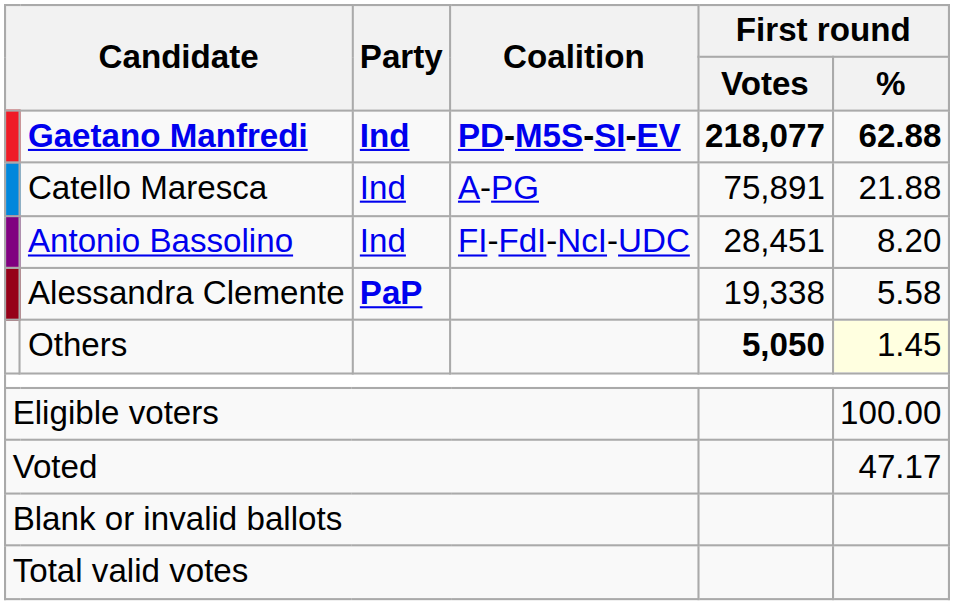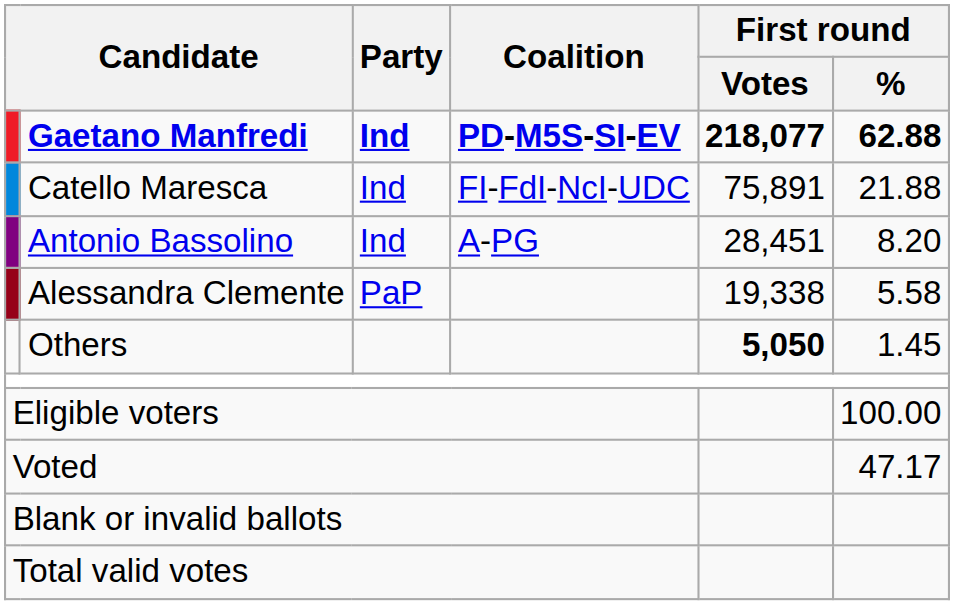 <table class="wikitable centre">
 <tr>
 <th scope="col" rowspan=2 colspan=2>Candidate</th>
 <th scope="col" rowspan=2 colspan=1>Party</th>
 <th scope="col" rowspan=2 colspan=1>Coalition</th>
 <th scope="col" colspan=2>First round</th>
 </tr>
 <tr>
 <th scope="col">Votes</th>
 <th scope="col">%</th>
 </tr>
 <tr>
 <td bgcolor="#EF1C27"></td>
 <td><strong><a href='#'>Gaetano Manfredi</a></strong></td>
 <td><strong><a href='#'>Ind</a></strong></td>
 <td><strong><a href='#'>PD</a>-<a href='#'>M5S</a>-<a href='#'>SI</a>-<a href='#'>EV</a></strong></td>
 <td style="text-align: right"><strong>218,077</strong></td>
 <td style="text-align: right"><strong>62.88</strong></td>
 </tr>
 <tr>
 <td bgcolor="#0087DC"></td>
 <td>Catello Maresca</td>
 <td><a href='#'>Ind</a></td>
-<td><a href='#'>A</a>-<a href='#'>PG</a></td>
+<td><a href='#'>FI</a>-<a href='#'>FdI</a>-<a href='#'>NcI</a>-<a href='#'>UDC</a></td>
 <td style="text-align: right">75,891</td>
 <td style="text-align: right">21.88</td>
 </tr>
 <tr>
 <td bgcolor="purple"></td>
 <td><a href='#'>Antonio Bassolino</a></td>
 <td><a href='#'>Ind</a></td>
-<td><a href='#'>FI</a>-<a href='#'>FdI</a>-<a href='#'>NcI</a>-<a href='#'>UDC</a></td>
+<td><a href='#'>A</a>-<a href='#'>PG</a></td>
 <td style="text-align: right">28,451</td>
 <td style="text-align: right">8.20</td>
 </tr>
 <tr>
 <td bgcolor="#960018"></td>
 <td>Alessandra Clemente</td>
-<td><strong><a href='#'>PaP</a></strong></td>
+<td><a href='#'>PaP</a></td>
 <td></td>
 <td style="text-align: right">19,338</td>
 <td style="text-align: right">5.58</td>
 </tr>
 <tr>
 <td bgcolor=""></td>
 <td>Others</td>
 <td></td>
 <td></td>
 <td style="text-align: right"><strong>5,050</strong></td>
-<td style="background: lightyellow; text-align: right">1.45</td>
+<td style="text-align: right">1.45</td>
 </tr>
 <tr bgcolor=white>
 <td colspan=6></td>
 </tr>
 <tr>
 <td colspan=4>Eligible voters</td>
 <td style="text-align: right"></td>
 <td style="text-align: right">100.00</td>
 </tr>
 <tr>
 <td colspan=4>Voted</td>
 <td style="text-align: right"></td>
 <td style="text-align: right">47.17</td>
 </tr>
 <tr>
 <td colspan=4>Blank or invalid ballots</td>
 <td style="text-align: right"></td>
 <td style="text-align: right"></td>
 </tr>
 <tr>
 <td colspan=4>Total valid votes</td>
 <td style="text-align: right"></td>
 <td style="text-align: right"></td>
 </tr>
 </table>
